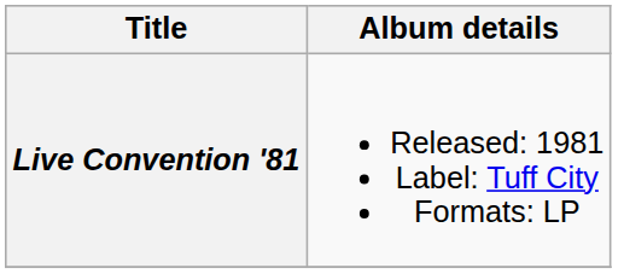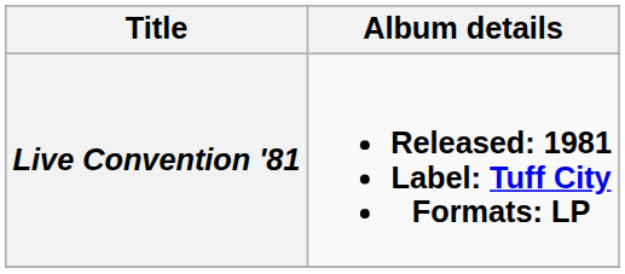 <table class="wikitable" style="text-align:center;">
 <tr>
 <th>Title</th>
 <th>Album details</th>
 </tr>
 <tr>
 <th scope="row"><em>Live Convention '81</em></th>
-<td><br><ul><li>Released: 1981</li><li>Label: <a href='#'>Tuff City</a></li><li>Formats: LP</li></ul></td>
+<td><strong><br><ul><li>Released: 1981</li><li>Label: <a href='#'>Tuff City</a></li><li>Formats: LP</li></ul></strong></td>
 </tr>
 <tr>
 </tr>
 </table>
